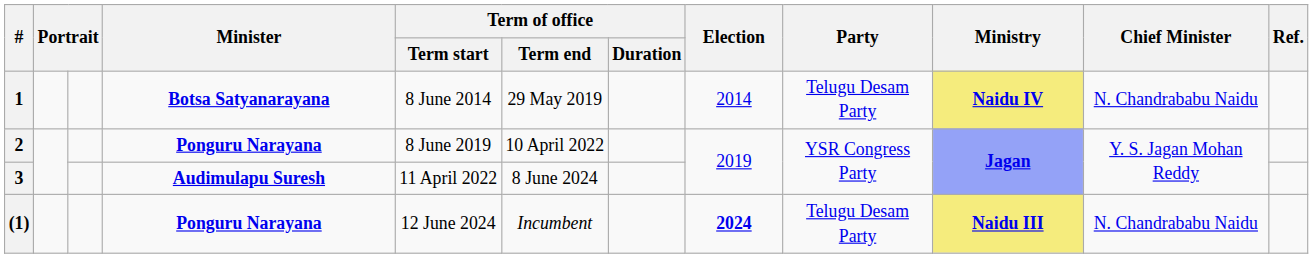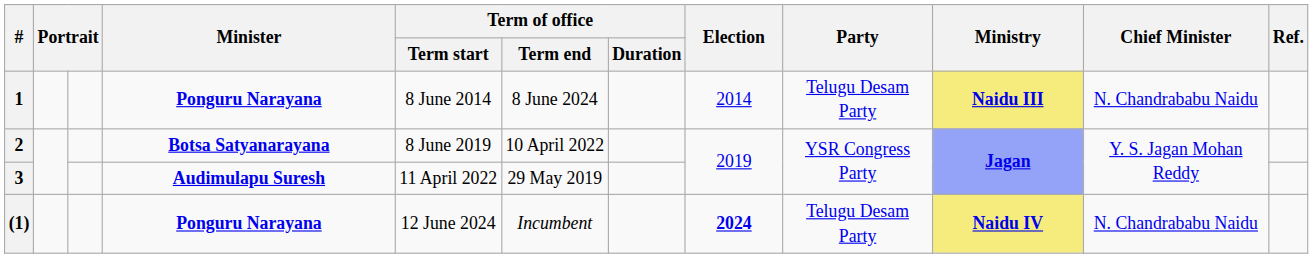 <table class="wikitable" style="line-height:1.4em; text-align:center">
 <tr>
 <th rowspan=2>#</th>
 <th rowspan=2 colspan="2">Portrait</th>
 <th rowspan=2 style="width:16em">Minister<br></th>
 <th colspan="3">Term of office</th>
 <th rowspan=2 style="width:5em">Election<br></th>
 <th rowspan=2 style="width:8em">Party</th>
 <th rowspan=2 style="width:8em">Ministry</th>
 <th rowspan=2 style="width:10em">Chief Minister</th>
 <th rowspan=2>Ref.</th>
 </tr>
 <tr>
 <th>Term start</th>
 <th>Term end</th>
 <th>Duration</th>
 </tr>
 <tr>
 <th>1</th>
 <td></td>
 <td></td>
-<td><strong><a href='#'>Botsa Satyanarayana</a></strong><br></td>
+<td><strong><a href='#'>Ponguru Narayana</a></strong><br></td>
 <td>8 June 2014</td>
-<td>29 May 2019</td>
+<td>8 June 2024</td>
 <td><strong></strong></td>
 <td><a href='#'>2014</a><br></td>
 <td><a href='#'>Telugu Desam Party</a></td>
-<td bgcolor="#F5EC7D"><strong><a href='#'>Naidu IV</a></strong></td>
+<td bgcolor="#F5EC7D"><strong><a href='#'>Naidu III</a></strong></td>
 <td><a href='#'>N. Chandrababu Naidu</a></td>
 <td></td>
 </tr>
 <tr>
 <th>2</th>
 <td rowspan=2></td>
 <td></td>
-<td><strong><a href='#'>Ponguru Narayana</a></strong><br></td>
+<td><strong><a href='#'>Botsa Satyanarayana</a></strong><br></td>
 <td>8 June 2019</td>
 <td>10 April 2022</td>
 <td><strong></strong></td>
 <td rowspan=2><a href='#'>2019</a><br></td>
 <td rowspan="2"><a href='#'>YSR Congress Party</a></td>
 <td rowspan=2 bgcolor="#94A2F7"><strong><a href='#'>Jagan</a></strong></td>
 <td rowspan="2"><a href='#'>Y. S. Jagan Mohan Reddy</a></td>
 <td></td>
 </tr>
 <tr>
 <th>3</th>
 <td></td>
 <td><strong><a href='#'>Audimulapu Suresh</a></strong><br></td>
 <td>11 April 2022</td>
-<td>8 June 2024</td>
+<td>29 May 2019</td>
 <td><strong></strong></td>
 <td></td>
 </tr>
 <tr>
 <th>(1)</th>
 <td></td>
 <td></td>
 <td><strong><a href='#'>Ponguru Narayana</a></strong><br></td>
 <td>12 June 2024</td>
 <td><em>Incumbent</em></td>
 <td><strong></strong></td>
 <td><strong><a href='#'>2024</a><br></strong></td>
 <td><a href='#'>Telugu Desam Party</a></td>
-<td bgcolor="#F5EC7D"><strong><a href='#'>Naidu III</a></strong></td>
+<td bgcolor="#F5EC7D"><strong><a href='#'>Naidu IV</a></strong></td>
 <td><a href='#'>N. Chandrababu Naidu</a></td>
 <td></td>
 </tr>
 </table>
